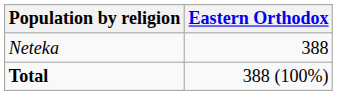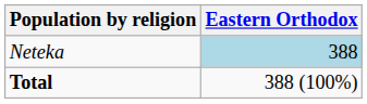 <table class="wikitable sortable">
 <tr>
 <th>Population by religion</th>
 <th><a href='#'>Eastern Orthodox</a></th>
 </tr>
 <tr>
 <td><em>Neteka</em></td>
-<td align="right">388</td>
+<td align="right" style="background: lightblue;">388</td>
 </tr>
 <tr>
 <td><strong>Total</strong></td>
 <td align="right">388 (100%)</td>
 </tr>
 </table>
